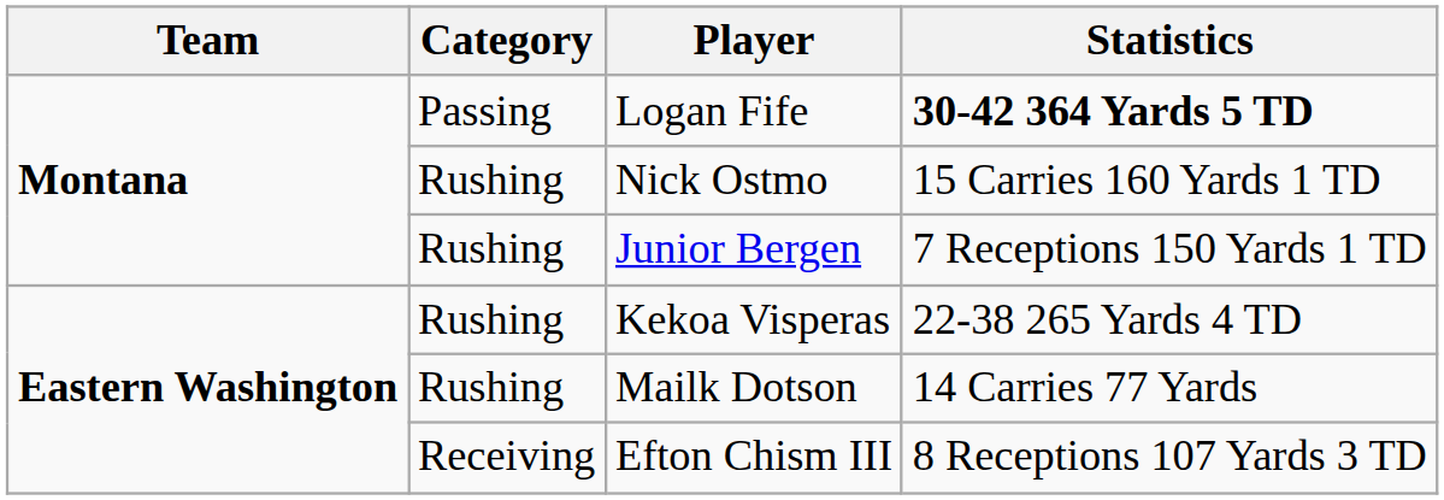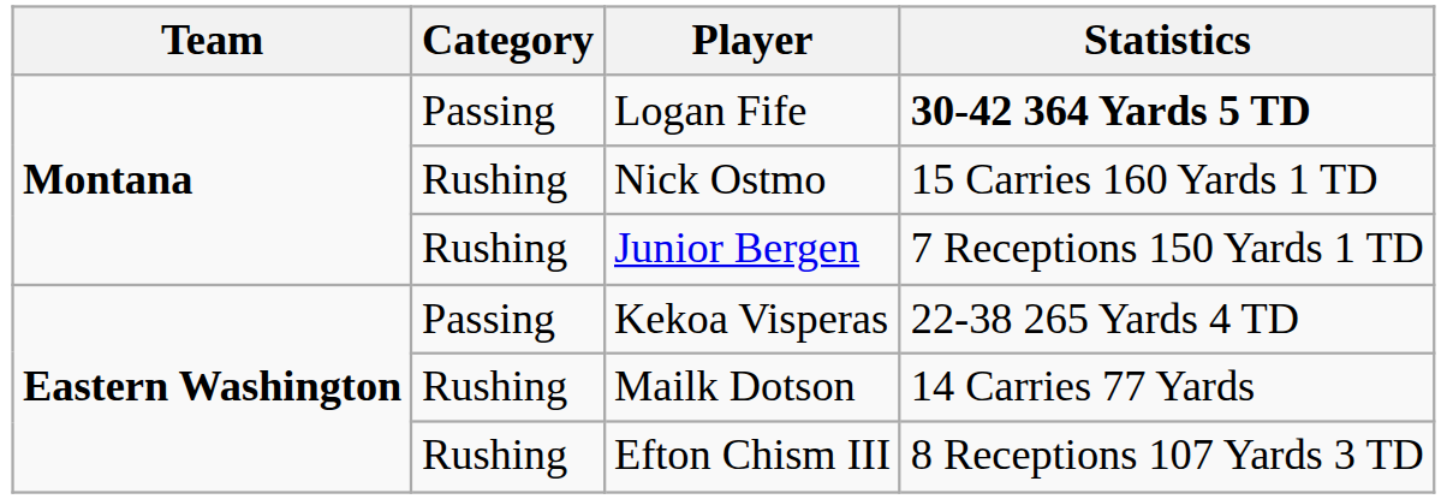 <table class="wikitable" style="float: right;">
 <tr>
 <th>Team</th>
 <th>Category</th>
 <th>Player</th>
 <th>Statistics</th>
 </tr>
 <tr>
 <td rowspan=3><strong>Montana</strong></td>
 <td>Passing</td>
 <td>Logan Fife</td>
 <td><strong>30-42 364 Yards 5 TD</strong></td>
 </tr>
 <tr>
 <td>Rushing</td>
 <td>Nick Ostmo</td>
 <td>15 Carries 160 Yards 1 TD</td>
 </tr>
 <tr>
 <td>Rushing</td>
 <td><a href='#'>Junior Bergen</a></td>
 <td>7 Receptions 150 Yards 1 TD</td>
 </tr>
 <tr>
 <td rowspan=3><strong>Eastern Washington</strong></td>
-<td>Rushing</td>
+<td>Passing</td>
 <td>Kekoa Visperas</td>
 <td>22-38 265 Yards 4 TD</td>
 </tr>
 <tr>
 <td>Rushing</td>
 <td>Mailk Dotson</td>
 <td>14 Carries 77 Yards</td>
 </tr>
 <tr>
-<td>Receiving</td>
+<td>Rushing</td>
 <td>Efton Chism III</td>
 <td>8 Receptions 107 Yards 3 TD</td>
 </tr>
 </table>
